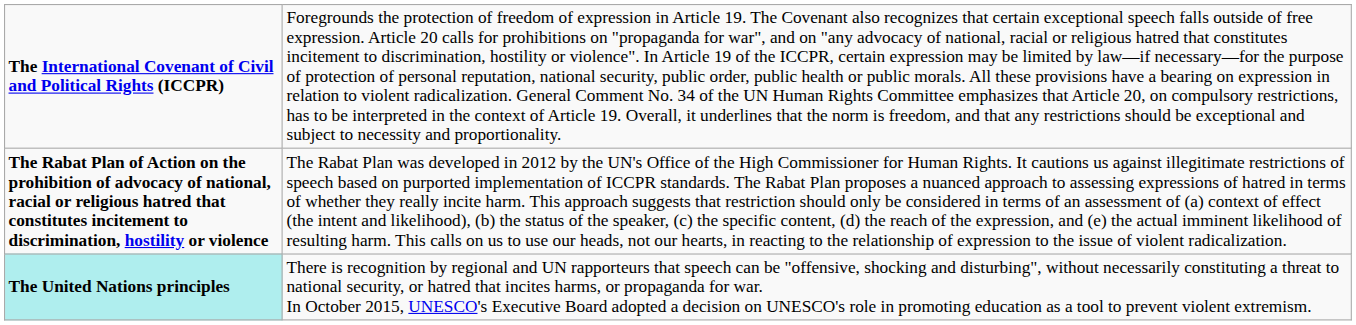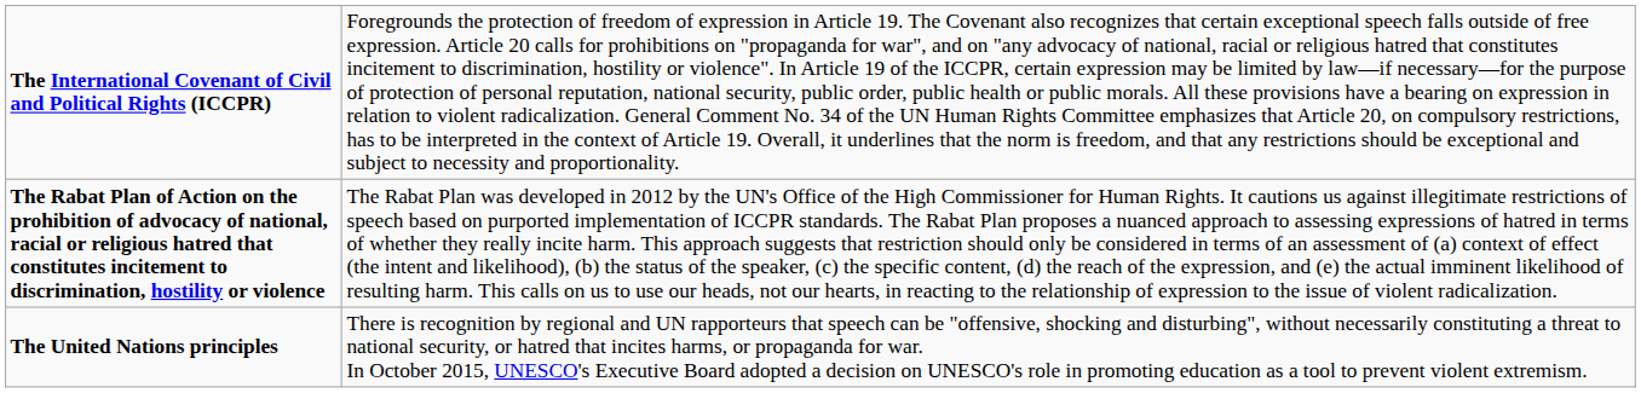 <table class="wikitable">
 <tr>
 <td><strong>The <a href='#'>International Covenant of Civil and Political Rights</a> (ICCPR)</strong></td>
 <td>Foregrounds the protection of freedom of expression in Article 19. The Covenant also recognizes that certain exceptional speech falls outside of free expression. Article 20 calls for prohibitions on "propaganda for war", and on "any advocacy of national, racial or religious hatred that constitutes incitement to discrimination, hostility or violence". In Article 19 of the ICCPR, certain expression may be limited by law—if necessary—for the purpose of protection of personal reputation, national security, public order, public health or public morals. All these provisions have a bearing on expression in relation to violent radicalization. General Comment No. 34 of the UN Human Rights Committee emphasizes that Article 20, on compulsory restrictions, has to be interpreted in the context of Article 19. Overall, it underlines that the norm is freedom, and that any restrictions should be exceptional and subject to necessity and proportionality.</td>
 </tr>
 <tr>
 <td><strong>The Rabat Plan of Action on the prohibition of advocacy of national, racial or religious hatred that constitutes incitement to discrimination, <a href='#'>hostility</a> or violence</strong></td>
 <td>The Rabat Plan was developed in 2012 by the UN's Office of the High Commissioner for Human Rights. It cautions us against illegitimate restrictions of speech based on purported implementation of ICCPR standards. The Rabat Plan proposes a nuanced approach to assessing expressions of hatred in terms of whether they really incite harm. This approach suggests that restriction should only be considered in terms of an assessment of (a) context of effect (the intent and likelihood), (b) the status of the speaker, (c) the specific content, (d) the reach of the expression, and (e) the actual imminent likelihood of resulting harm. This calls on us to use our heads, not our hearts, in reacting to the relationship of expression to the issue of violent radicalization.</td>
 </tr>
 <tr>
-<td style="background: paleturquoise;"><strong>The United Nations principles</strong></td>
+<td><strong>The United Nations principles</strong></td>
 <td>There is recognition by regional and UN rapporteurs that speech can be "offensive, shocking and disturbing", without necessarily constituting a threat to national security, or hatred that incites harms, or propaganda for war.<br>In October 2015, <a href='#'>UNESCO</a>'s Executive Board adopted a decision on UNESCO's role in promoting education as a tool to prevent violent extremism.</td>
 </tr>
 </table>
